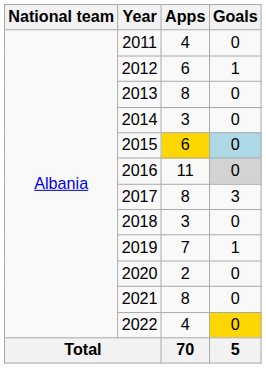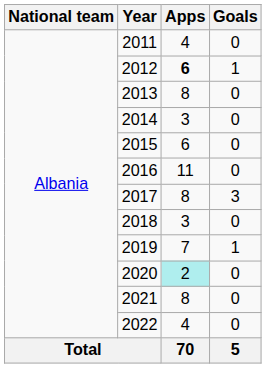 <table class="wikitable" style="text-align:center">
 <tr>
 <th>National team</th>
 <th>Year</th>
 <th>Apps</th>
 <th>Goals</th>
 </tr>
 <tr>
 <td rowspan="12"><a href='#'>Albania</a></td>
 <td>2011</td>
 <td>4</td>
 <td>0</td>
 </tr>
 <tr>
 <td>2012</td>
-<td>6</td>
+<td><strong>6</strong></td>
 <td>1</td>
 </tr>
 <tr>
 <td>2013</td>
 <td>8</td>
 <td>0</td>
 </tr>
 <tr>
 <td>2014</td>
 <td>3</td>
 <td>0</td>
 </tr>
 <tr>
 <td>2015</td>
-<td style="background: gold;">6</td>
-<td style="background: lightblue;">0</td>
+<td>6</td>
+<td>0</td>
 </tr>
 <tr>
 <td>2016</td>
 <td>11</td>
-<td style="background: lightgrey;">0</td>
+<td>0</td>
 </tr>
 <tr>
 <td>2017</td>
 <td>8</td>
 <td>3</td>
 </tr>
 <tr>
 <td>2018</td>
 <td>3</td>
 <td>0</td>
 </tr>
 <tr>
 <td>2019</td>
 <td>7</td>
 <td>1</td>
 </tr>
 <tr>
 <td>2020</td>
-<td>2</td>
+<td style="background: paleturquoise;">2</td>
 <td>0</td>
 </tr>
 <tr>
 <td>2021</td>
 <td>8</td>
 <td>0</td>
 </tr>
 <tr>
 <td>2022</td>
 <td>4</td>
-<td style="background: gold;">0</td>
+<td>0</td>
 </tr>
 <tr>
 <th colspan="2">Total</th>
 <th>70</th>
 <th>5</th>
 </tr>
 </table>
